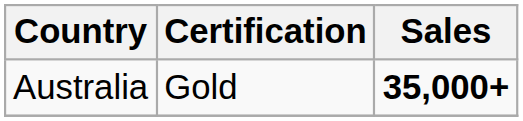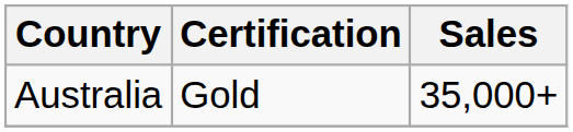 <table class="wikitable" border="1">
 <tr>
 <th>Country</th>
 <th>Certification</th>
 <th>Sales</th>
 </tr>
 <tr>
 <td>Australia</td>
 <td>Gold</td>
-<td><strong>35,000+</strong></td>
+<td>35,000+</td>
 </tr>
 <tr>
 </tr>
 </table>
